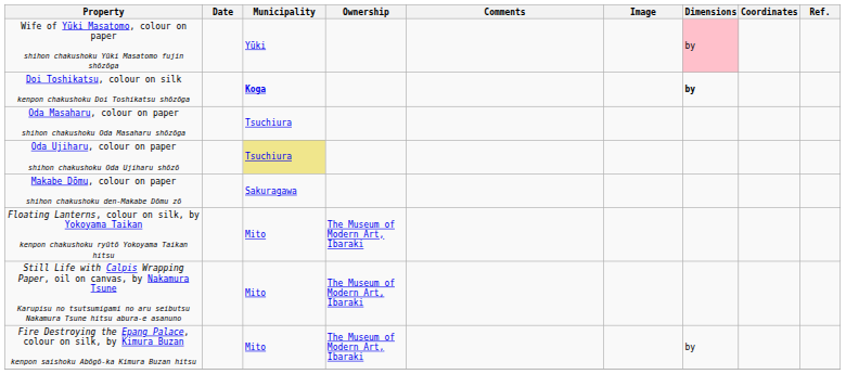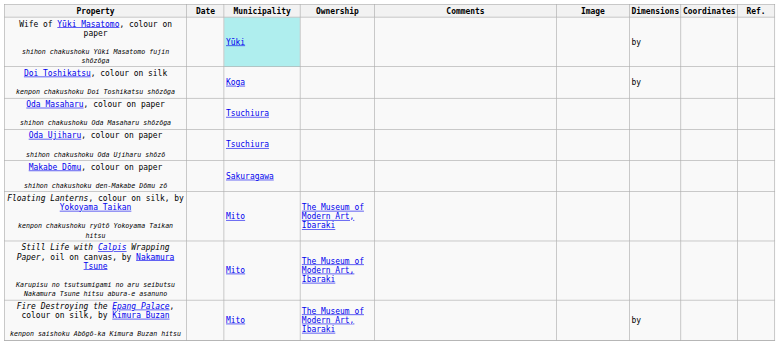 <table class="wikitable sortable"  style="width:100%;">
 <tr>
 <th width="25%" align="left">Property</th>
 <th width="5%" align="left" data-sort-type="number">Date</th>
 <th width="10%" align="left">Municipality</th>
 <th width="10%" align="left">Ownership</th>
 <th width="25%" align="left" class="unsortable">Comments</th>
 <th width="10%" align="left" class="unsortable">Image</th>
 <th width="5%" align="left" class="unsortable">Dimensions</th>
 <th width="5%" align="left" class="unsortable">Coordinates</th>
 <th width="5%" align="left" class="unsortable">Ref.</th>
 </tr>
 <tr>
 <td align="center">Wife of <a href='#'>Yūki Masatomo</a>, colour on paper<br><br><small><em>shihon chakushoku Yūki Masatomo fujin shōzōga</em></small></td>
 <td></td>
-<td><a href='#'>Yūki</a></td>
+<td style="background: paleturquoise;"><a href='#'>Yūki</a></td>
 <td></td>
 <td></td>
 <td></td>
-<td style="background: pink;"> by </td>
+<td> by </td>
 <td></td>
 <td></td>
 </tr>
 <tr>
 <td align="center"><a href='#'>Doi Toshikatsu</a>, colour on silk<br><br><small><em>kenpon chakushoku Doi Toshikatsu shōzōga</em></small></td>
 <td></td>
-<td><strong><a href='#'>Koga</a></strong></td>
+<td><a href='#'>Koga</a></td>
 <td></td>
 <td></td>
 <td></td>
-<td><strong> by </strong></td>
+<td> by </td>
 <td></td>
 <td></td>
 </tr>
 <tr>
 <td align="center"><a href='#'>Oda Masaharu</a>, colour on paper<br><br><small><em>shihon chakushoku Oda Masaharu shōzōga</em></small></td>
 <td></td>
 <td><a href='#'>Tsuchiura</a></td>
 <td></td>
 <td></td>
 <td></td>
 <td></td>
 <td></td>
 <td></td>
 </tr>
 <tr>
 <td align="center"><a href='#'>Oda Ujiharu</a>, colour on paper<br><br><small><em>shihon chakushoku Oda Ujiharu shōzō</em></small></td>
 <td></td>
-<td style="background: khaki;"><a href='#'>Tsuchiura</a></td>
+<td><a href='#'>Tsuchiura</a></td>
 <td></td>
 <td></td>
 <td></td>
 <td></td>
 <td></td>
 <td></td>
 </tr>
 <tr>
 <td align="center"><a href='#'>Makabe Dōmu</a>, colour on paper<br><br><small><em>shihon chakushoku den-Makabe Dōmu zō</em></small></td>
 <td></td>
 <td><a href='#'>Sakuragawa</a></td>
 <td></td>
 <td></td>
 <td></td>
 <td></td>
 <td></td>
 <td></td>
 </tr>
 <tr>
 <td align="center"><em>Floating Lanterns</em>, colour on silk, by <a href='#'>Yokoyama Taikan</a><br><br><small><em>kenpon chakushoku ryūtō Yokoyama Taikan hitsu</em></small></td>
 <td></td>
 <td><a href='#'>Mito</a></td>
 <td><a href='#'>The Museum of Modern Art, Ibaraki</a></td>
 <td></td>
 <td></td>
 <td></td>
 <td></td>
 <td></td>
 </tr>
 <tr>
 <td align="center"><em>Still Life with <a href='#'>Calpis</a> Wrapping Paper</em>, oil on canvas, by <a href='#'>Nakamura Tsune</a><br><br><small><em>Karupisu no tsutsumigami no aru seibutsu Nakamura Tsune hitsu abura-e asanuno</em></small></td>
 <td></td>
 <td><a href='#'>Mito</a></td>
 <td><a href='#'>The Museum of Modern Art, Ibaraki</a></td>
 <td></td>
 <td></td>
 <td></td>
 <td></td>
 <td></td>
 </tr>
 <tr>
 <td align="center"><em>Fire Destroying the <a href='#'>Epang Palace</a></em>, colour on silk, by <a href='#'>Kimura Buzan</a><br><br><small><em>kenpon saishoku Abōgō-ka Kimura Buzan hitsu</em></small></td>
 <td></td>
 <td><a href='#'>Mito</a></td>
 <td><a href='#'>The Museum of Modern Art, Ibaraki</a></td>
 <td></td>
 <td></td>
 <td> by </td>
 <td></td>
 <td></td>
 </tr>
 <tr>
 </tr>
 </table>
